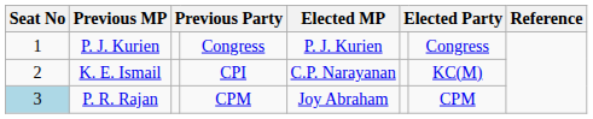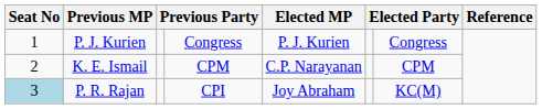 <table class="wikitable">
 <tr>
 <th>Seat No</th>
 <th>Previous MP</th>
 <th colspan=2>Previous Party</th>
 <th>Elected MP</th>
 <th colspan=2>Elected Party</th>
 <th>Reference</th>
 </tr>
 <tr style="text-align:center;">
 <td>1</td>
 <td><a href='#'>P. J. Kurien</a></td>
 <td width="1px"></td>
 <td><a href='#'>Congress</a></td>
 <td><a href='#'>P. J. Kurien</a></td>
 <td width="1px"></td>
 <td><a href='#'>Congress</a></td>
 <td rowspan=3></td>
 </tr>
 <tr style="text-align:center;">
 <td>2</td>
 <td><a href='#'>K. E. Ismail</a></td>
 <td width="1px"></td>
-<td><a href='#'>CPI</a></td>
+<td><a href='#'>CPM</a></td>
 <td><a href='#'>C.P. Narayanan</a></td>
 <td width="1px"></td>
-<td><a href='#'>KC(M)</a></td>
+<td><a href='#'>CPM</a></td>
 </tr>
 <tr style="text-align:center;">
 <td style="background: lightblue;">3</td>
 <td><a href='#'>P. R. Rajan</a></td>
 <td width="1px"></td>
-<td><a href='#'>CPM</a></td>
+<td><a href='#'>CPI</a></td>
 <td><a href='#'>Joy Abraham</a></td>
 <td width="1px"></td>
-<td><a href='#'>CPM</a></td>
+<td><a href='#'>KC(M)</a></td>
 </tr>
 </table>
